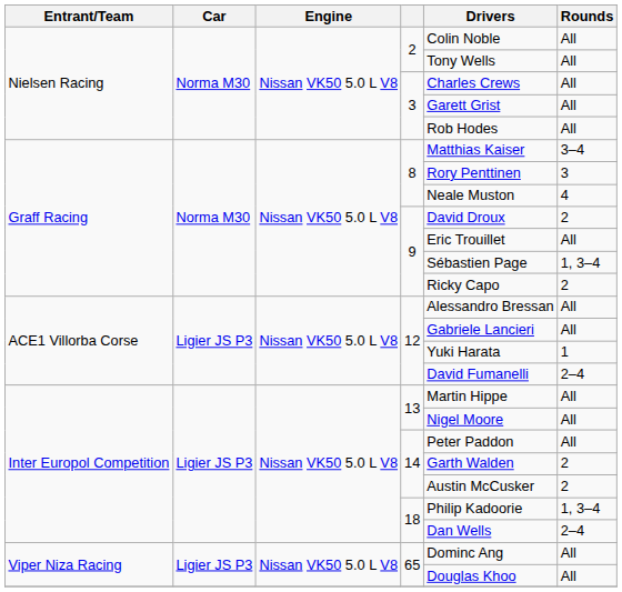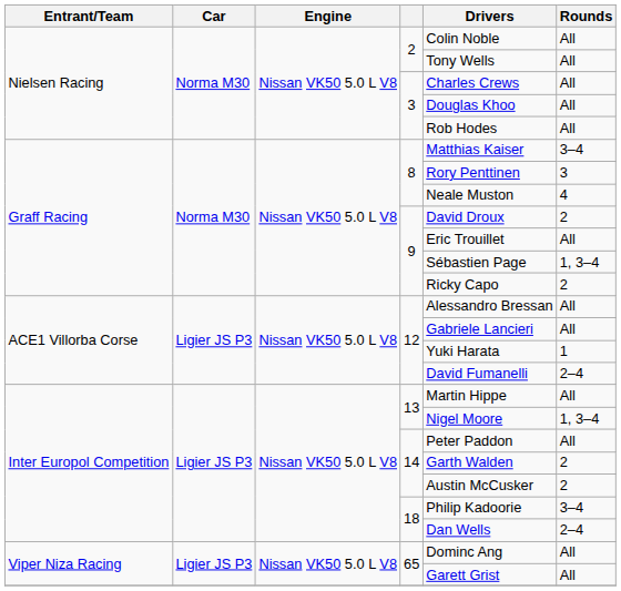 <table class="wikitable" style="font-size: 85%">
 <tr>
 <th>Entrant/Team</th>
 <th>Car</th>
 <th>Engine</th>
 <th></th>
 <th>Drivers</th>
 <th>Rounds</th>
 </tr>
 <tr>
 <td rowspan=5> Nielsen Racing</td>
 <td rowspan=5><a href='#'>Norma M30</a></td>
 <td rowspan=5><a href='#'>Nissan</a> <a href='#'>VK50</a> 5.0 L <a href='#'>V8</a></td>
 <td rowspan=2 align="center">2</td>
 <td> Colin Noble</td>
 <td>All</td>
 </tr>
 <tr>
 <td> Tony Wells</td>
 <td>All</td>
 </tr>
 <tr>
 <td rowspan=3 align="center">3</td>
 <td> <a href='#'>Charles Crews</a></td>
 <td>All</td>
 </tr>
 <tr>
-<td> <a href='#'>Garett Grist</a></td>
+<td> <a href='#'>Douglas Khoo</a></td>
 <td>All</td>
 </tr>
 <tr>
 <td> Rob Hodes</td>
 <td>All</td>
 </tr>
 <tr>
 <td rowspan=7> <a href='#'>Graff Racing</a></td>
 <td rowspan=7><a href='#'>Norma M30</a></td>
 <td rowspan=7><a href='#'>Nissan</a> <a href='#'>VK50</a> 5.0 L <a href='#'>V8</a></td>
 <td rowspan=3 align=center>8</td>
 <td> <a href='#'>Matthias Kaiser</a></td>
 <td>3–4</td>
 </tr>
 <tr>
 <td> <a href='#'>Rory Penttinen</a></td>
 <td>3</td>
 </tr>
 <tr>
 <td> Neale Muston</td>
 <td>4</td>
 </tr>
 <tr>
 <td rowspan=4 align="center">9</td>
 <td> <a href='#'>David Droux</a></td>
 <td>2</td>
 </tr>
 <tr>
 <td> Eric Trouillet</td>
 <td>All</td>
 </tr>
 <tr>
 <td> Sébastien Page</td>
 <td>1, 3–4</td>
 </tr>
 <tr>
 <td> Ricky Capo</td>
 <td>2</td>
 </tr>
 <tr>
 <td rowspan=4> ACE1 Villorba Corse</td>
 <td rowspan=4><a href='#'>Ligier JS P3</a></td>
 <td rowspan=4><a href='#'>Nissan</a> <a href='#'>VK50</a> 5.0 L <a href='#'>V8</a></td>
 <td rowspan=4 align="center">12</td>
 <td> Alessandro Bressan</td>
 <td>All</td>
 </tr>
 <tr>
 <td> <a href='#'>Gabriele Lancieri</a></td>
 <td>All</td>
 </tr>
 <tr>
 <td> Yuki Harata</td>
 <td>1</td>
 </tr>
 <tr>
 <td> <a href='#'>David Fumanelli</a></td>
 <td>2–4</td>
 </tr>
 <tr>
 <td rowspan=7> <a href='#'>Inter Europol Competition</a></td>
 <td rowspan=7><a href='#'>Ligier JS P3</a></td>
 <td rowspan=7><a href='#'>Nissan</a> <a href='#'>VK50</a> 5.0 L <a href='#'>V8</a></td>
 <td rowspan=2 align="center">13</td>
 <td> Martin Hippe</td>
 <td>All</td>
 </tr>
 <tr>
 <td> <a href='#'>Nigel Moore</a></td>
-<td>All</td>
+<td>1, 3–4</td>
 </tr>
 <tr>
 <td rowspan=3 align="center">14</td>
 <td> Peter Paddon</td>
 <td>All</td>
 </tr>
 <tr>
 <td> <a href='#'>Garth Walden</a></td>
 <td>2</td>
 </tr>
 <tr>
 <td> Austin McCusker</td>
 <td>2</td>
 </tr>
 <tr>
 <td rowspan=2 align="center">18</td>
 <td> Philip Kadoorie</td>
-<td>1, 3–4</td>
+<td>3–4</td>
 </tr>
 <tr>
 <td> <a href='#'>Dan Wells</a></td>
 <td>2–4</td>
 </tr>
 <tr>
 <td rowspan=2> <a href='#'>Viper Niza Racing</a></td>
 <td rowspan=2><a href='#'>Ligier JS P3</a></td>
 <td rowspan=2><a href='#'>Nissan</a> <a href='#'>VK50</a> 5.0 L <a href='#'>V8</a></td>
 <td rowspan=2 align="center">65</td>
 <td> Dominc Ang</td>
 <td>All</td>
 </tr>
 <tr>
-<td> <a href='#'>Douglas Khoo</a></td>
+<td> <a href='#'>Garett Grist</a></td>
 <td>All</td>
 </tr>
 <tr>
 </tr>
 </table>
